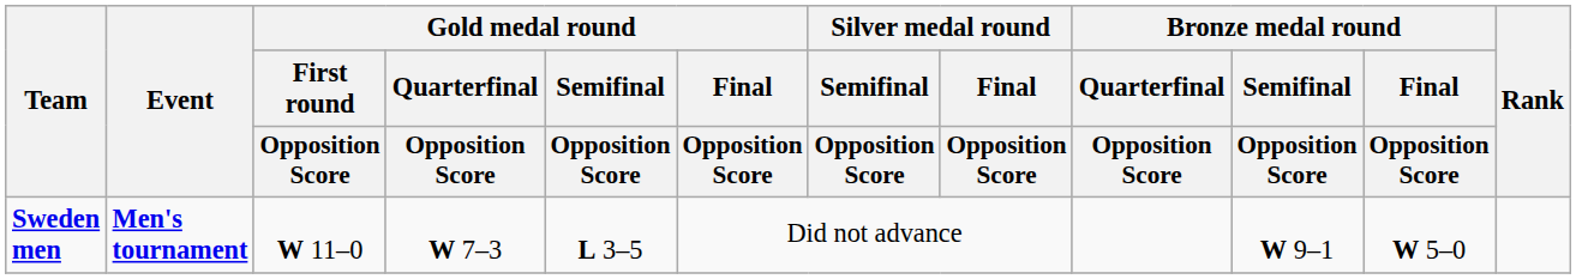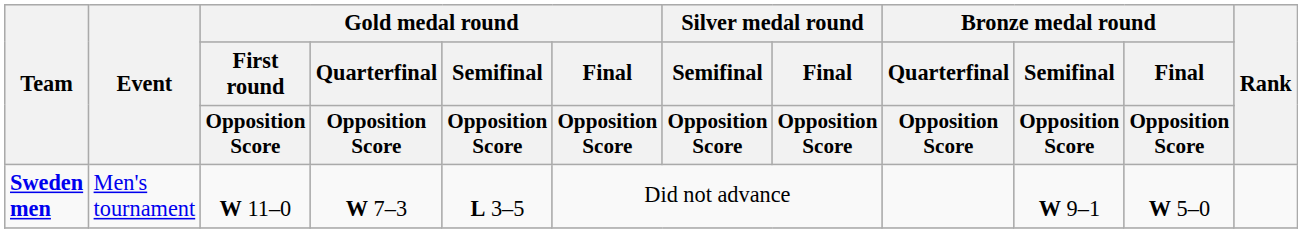 <table class=wikitable style=font-size:90%;text-align:center>
 <tr>
 <th rowspan=3>Team</th>
 <th rowspan=3>Event</th>
 <th colspan=4>Gold medal round</th>
 <th colspan=2>Silver medal round</th>
 <th colspan=3>Bronze medal round</th>
 <th Rowspan=3>Rank</th>
 </tr>
 <tr>
 <th>First round</th>
 <th>Quarterfinal</th>
 <th>Semifinal</th>
 <th>Final</th>
 <th>Semifinal</th>
 <th>Final</th>
 <th>Quarterfinal</th>
 <th>Semifinal</th>
 <th>Final</th>
 </tr>
 <tr style="font-size:95%">
 <th>Opposition<br>Score</th>
 <th>Opposition<br>Score</th>
 <th>Opposition<br>Score</th>
 <th>Opposition<br>Score</th>
 <th>Opposition<br>Score</th>
 <th>Opposition<br>Score</th>
 <th>Opposition<br>Score</th>
 <th>Opposition<br>Score</th>
 <th>Opposition<br>Score</th>
 </tr>
 <tr>
 <td align=left><strong><a href='#'>Sweden men</a></strong></td>
-<td align=left><strong><a href='#'>Men's tournament</a></strong></td>
+<td align=left><a href='#'>Men's tournament</a></td>
 <td><br><strong>W</strong> 11–0</td>
 <td><br><strong>W</strong> 7–3</td>
 <td><br><strong>L</strong> 3–5</td>
 <td colspan=3>Did not advance</td>
 <td></td>
 <td><br><strong>W</strong> 9–1</td>
 <td><br><strong>W</strong> 5–0</td>
 <td></td>
 </tr>
 </table>
